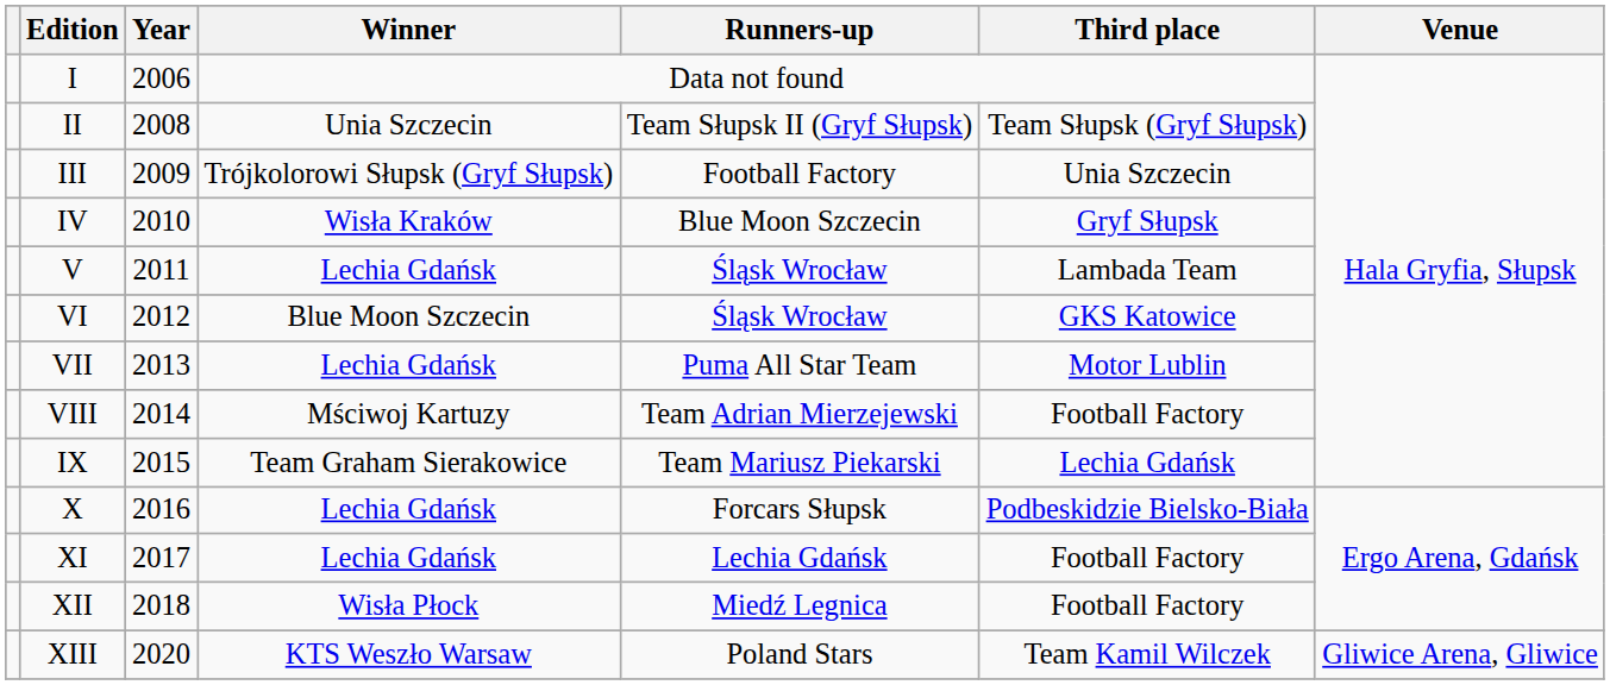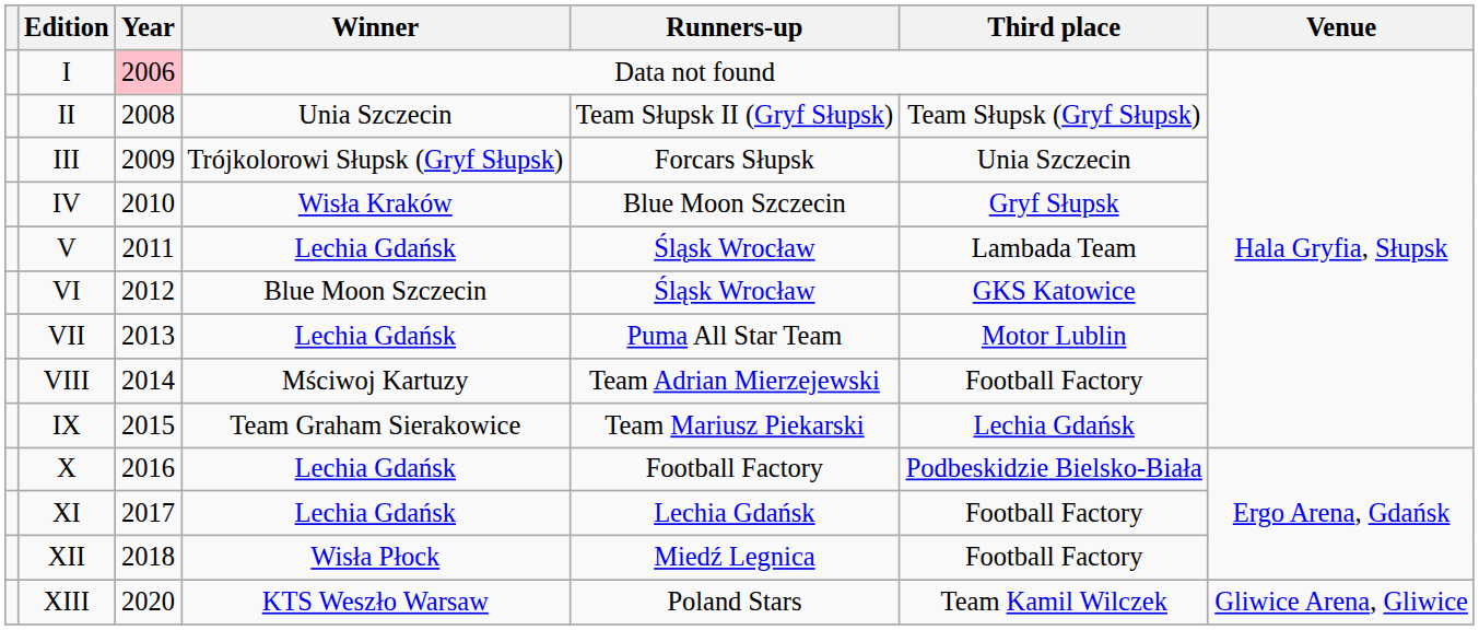 <table class="wikitable sortable" style="font-size:90%; text-align: center;">
 <tr>
 <th></th>
 <th>Edition</th>
 <th>Year</th>
 <th>Winner</th>
 <th>Runners-up</th>
 <th>Third place</th>
 <th>Venue</th>
 </tr>
 <tr>
 <td></td>
 <td>I</td>
-<td>2006</td>
+<td style="background: pink;">2006</td>
 <td colspan=3>Data not found</td>
 <td rowspan=9><a href='#'>Hala Gryfia</a>, <a href='#'>Słupsk</a></td>
 </tr>
 <tr>
 <td></td>
 <td>II</td>
 <td>2008</td>
 <td>Unia Szczecin</td>
 <td>Team Słupsk II (<a href='#'>Gryf Słupsk</a>)</td>
 <td>Team Słupsk (<a href='#'>Gryf Słupsk</a>)</td>
 </tr>
 <tr>
 <td></td>
 <td>III</td>
 <td>2009</td>
 <td>Trójkolorowi Słupsk (<a href='#'>Gryf Słupsk</a>)</td>
-<td>Football Factory</td>
+<td>Forcars Słupsk</td>
 <td>Unia Szczecin</td>
 </tr>
 <tr>
 <td></td>
 <td>IV</td>
 <td>2010</td>
 <td><a href='#'>Wisła Kraków</a></td>
 <td>Blue Moon Szczecin</td>
 <td><a href='#'>Gryf Słupsk</a></td>
 </tr>
 <tr>
 <td></td>
 <td>V</td>
 <td>2011</td>
 <td><a href='#'>Lechia Gdańsk</a></td>
 <td><a href='#'>Śląsk Wrocław</a></td>
 <td>Lambada Team</td>
 </tr>
 <tr>
 <td></td>
 <td>VI</td>
 <td>2012</td>
 <td>Blue Moon Szczecin</td>
 <td><a href='#'>Śląsk Wrocław</a></td>
 <td><a href='#'>GKS Katowice</a></td>
 </tr>
 <tr>
 <td></td>
 <td>VII</td>
 <td>2013</td>
 <td><a href='#'>Lechia Gdańsk</a></td>
 <td><a href='#'>Puma</a> All Star Team</td>
 <td><a href='#'>Motor Lublin</a></td>
 </tr>
 <tr>
 <td></td>
 <td>VIII</td>
 <td>2014</td>
 <td>Mściwoj Kartuzy</td>
 <td>Team <a href='#'>Adrian Mierzejewski</a></td>
 <td>Football Factory</td>
 </tr>
 <tr>
 <td></td>
 <td>IX</td>
 <td>2015</td>
 <td>Team Graham Sierakowice</td>
 <td>Team <a href='#'>Mariusz Piekarski</a></td>
 <td><a href='#'>Lechia Gdańsk</a></td>
 </tr>
 <tr>
 <td></td>
 <td>X</td>
 <td>2016</td>
 <td><a href='#'>Lechia Gdańsk</a></td>
-<td>Forcars Słupsk</td>
+<td>Football Factory</td>
 <td><a href='#'>Podbeskidzie Bielsko-Biała</a></td>
 <td rowspan=3><a href='#'>Ergo Arena</a>, <a href='#'>Gdańsk</a></td>
 </tr>
 <tr>
 <td></td>
 <td>XI</td>
 <td>2017</td>
 <td><a href='#'>Lechia Gdańsk</a></td>
 <td><a href='#'>Lechia Gdańsk</a></td>
 <td>Football Factory</td>
 </tr>
 <tr>
 <td></td>
 <td>XII</td>
 <td>2018</td>
 <td><a href='#'>Wisła Płock</a></td>
 <td><a href='#'>Miedź Legnica</a></td>
 <td>Football Factory</td>
 </tr>
 <tr>
 <td></td>
 <td>XIII</td>
 <td>2020</td>
 <td><a href='#'>KTS Weszło Warsaw</a></td>
 <td>Poland Stars</td>
 <td>Team <a href='#'>Kamil Wilczek</a></td>
 <td><a href='#'>Gliwice Arena</a>, <a href='#'>Gliwice</a></td>
 </tr>
 </table>
